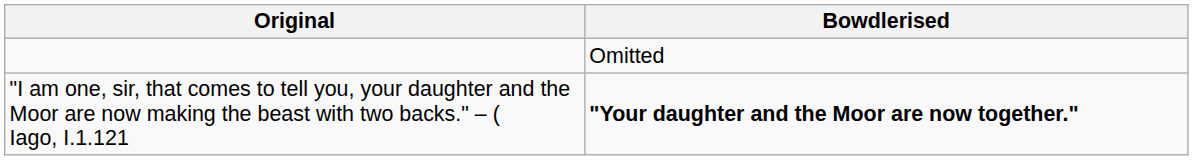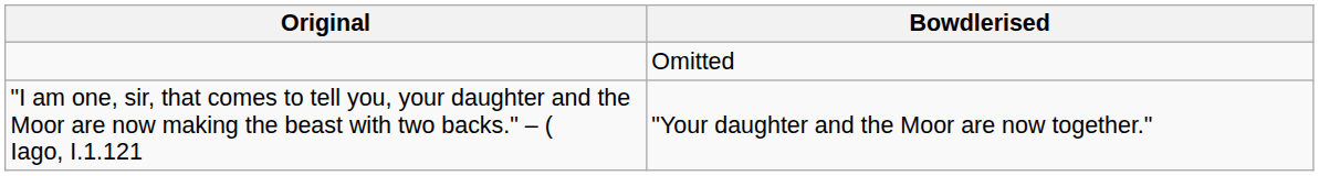 <table class="wikitable" style="width:100%">
 <tr>
 <th>Original</th>
 <th>Bowdlerised</th>
 </tr>
 <tr>
 <td style="width:49%;"></td>
 <td>Omitted</td>
 </tr>
 <tr>
 <td>"I am one, sir, that comes to tell you, your daughter and the Moor are now making the beast with two backs." – (<br>Iago, I.1.121</td>
-<td><strong>"Your daughter and the Moor are now together."</strong></td>
+<td>"Your daughter and the Moor are now together."</td>
 </tr>
 </table>
